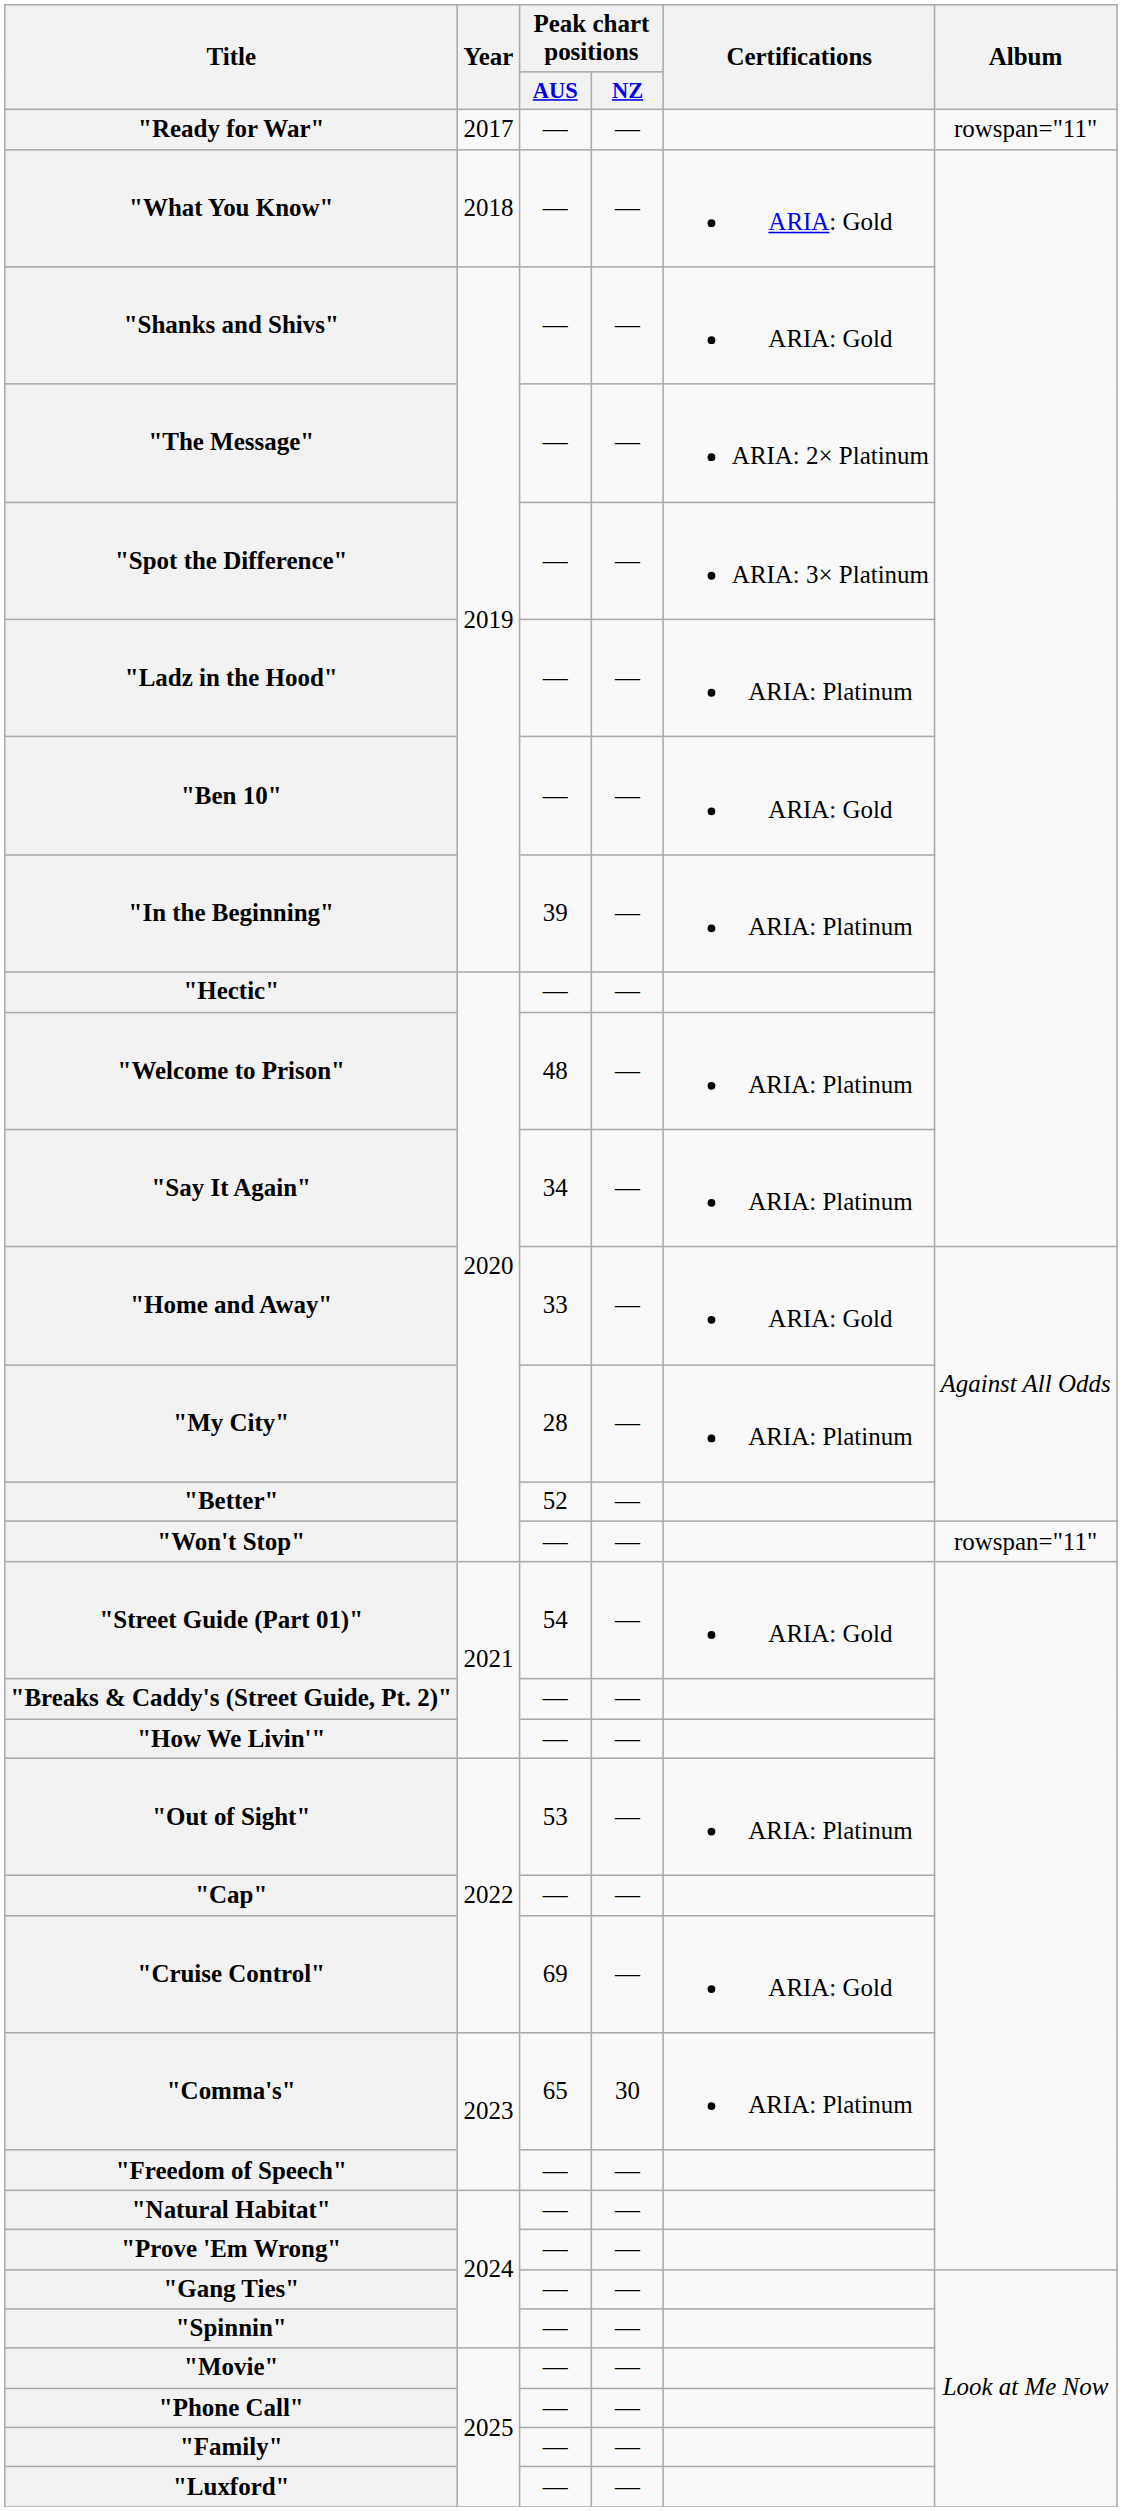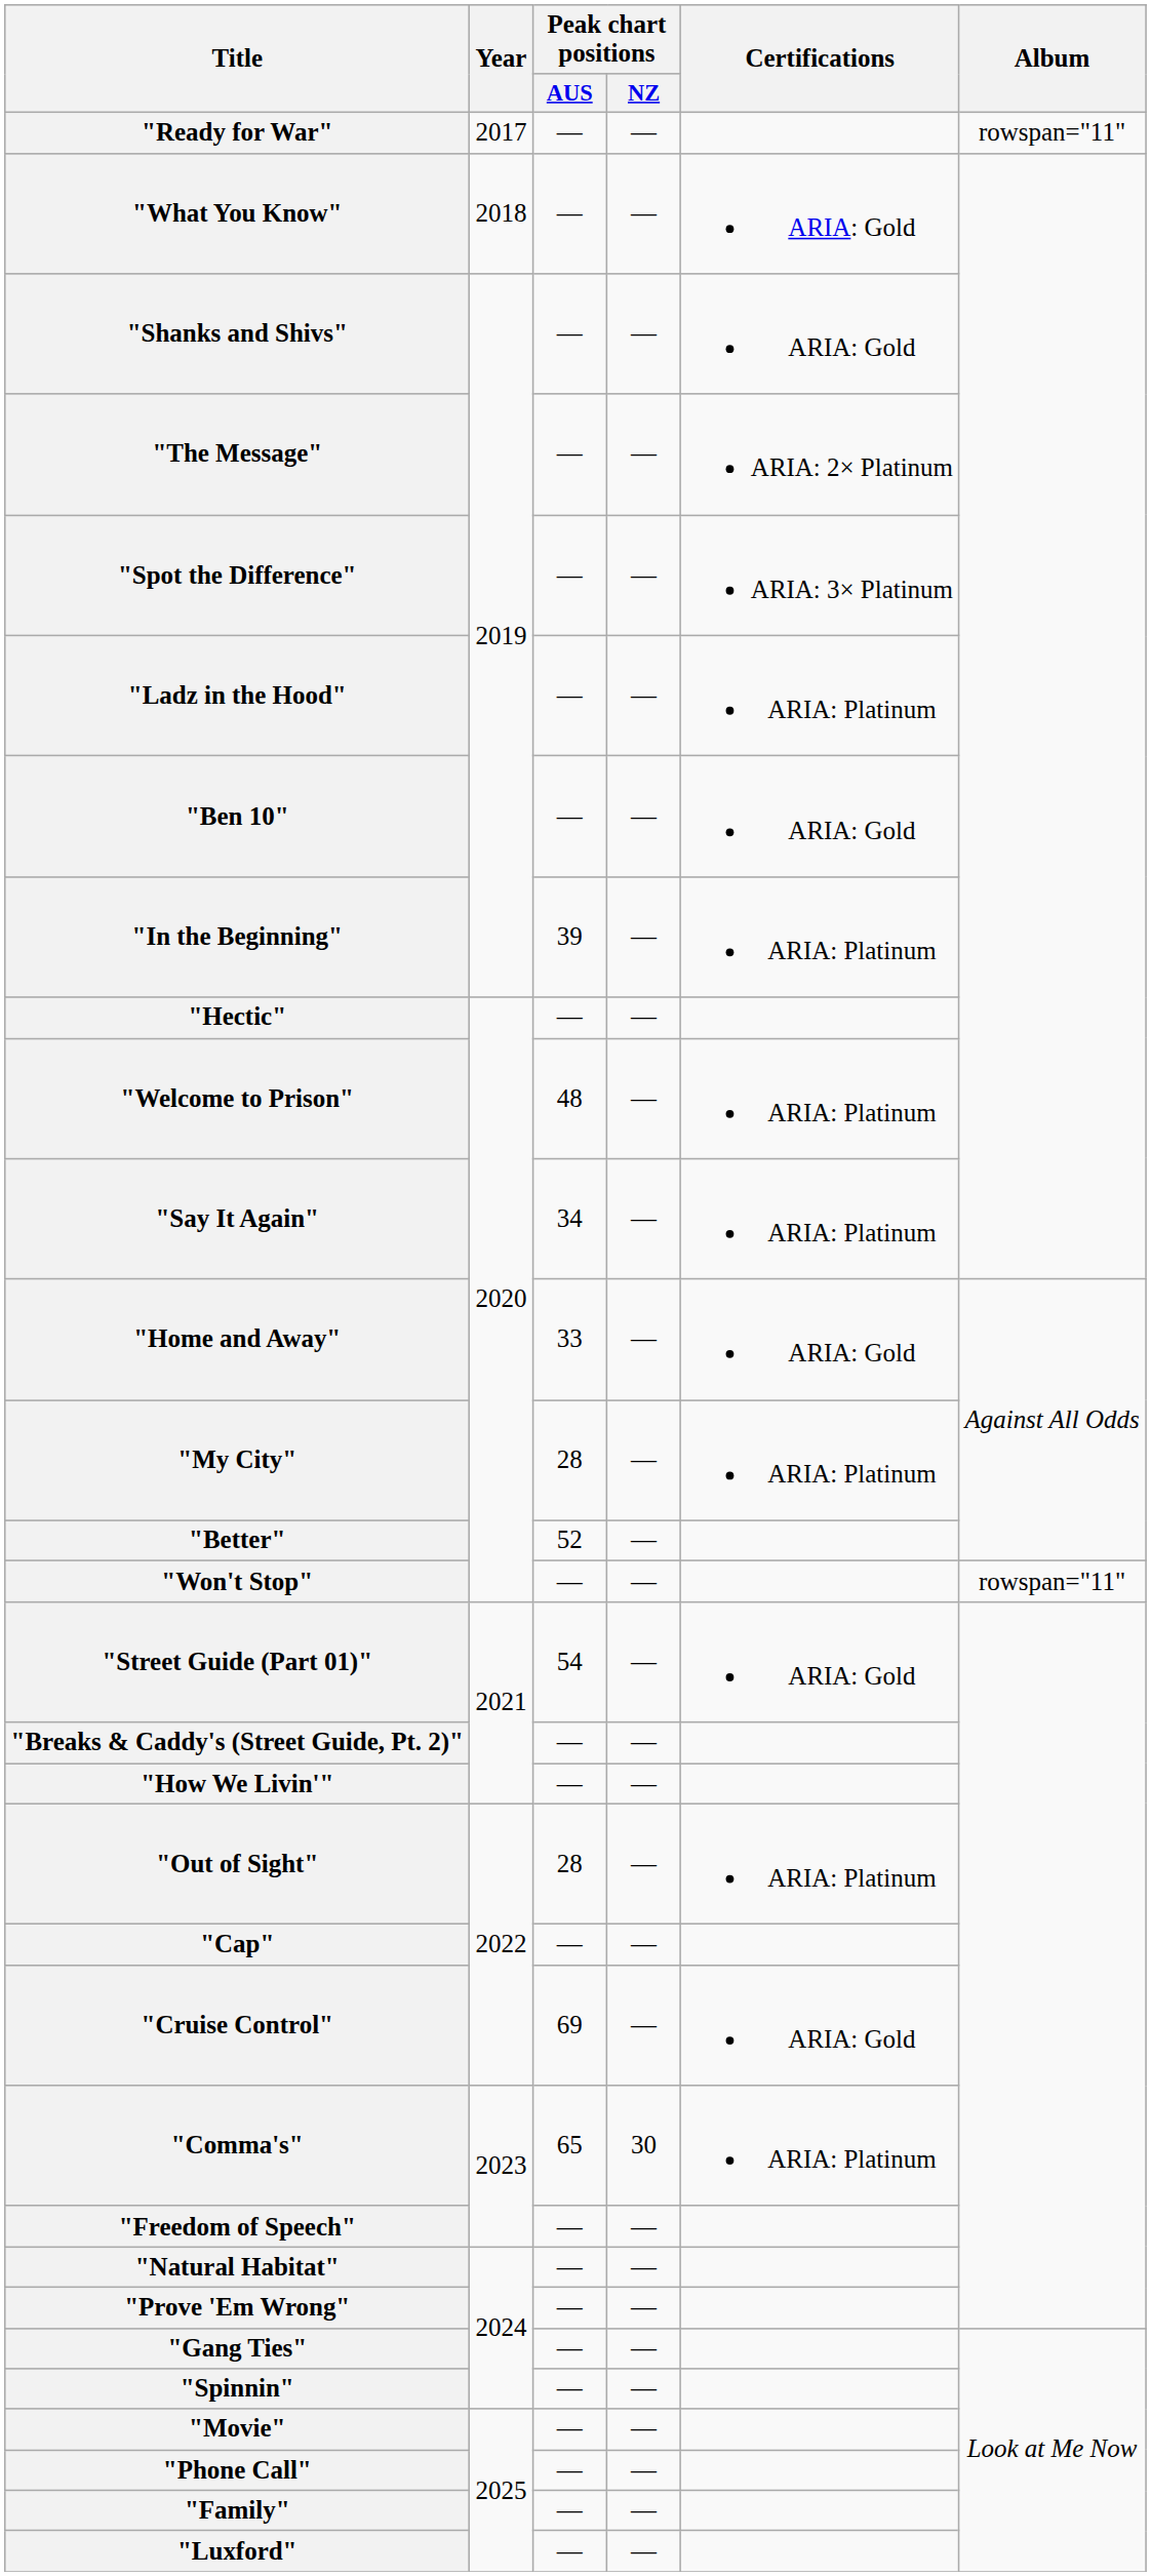 <table class="wikitable plainrowheaders" style="text-align:center;">
 <tr>
 <th scope="col" rowspan="2">Title</th>
 <th scope="col" rowspan="2">Year</th>
 <th scope="col" colspan="2">Peak chart positions</th>
 <th scope="col" rowspan="2">Certifications</th>
 <th scope="col" rowspan="2">Album</th>
 </tr>
 <tr>
 <th scope="col" style="width:2.75em;font-size:90%;"><a href='#'>AUS</a><br></th>
 <th scope="col" style="width:2.75em;font-size:90%;"><a href='#'>NZ</a><br></th>
 </tr>
 <tr>
 <th scope="row">"Ready for War"</th>
 <td>2017</td>
 <td>—</td>
 <td>—</td>
 <td></td>
 <td>rowspan="11" </td>
 </tr>
 <tr>
 <th scope="row">"What You Know"</th>
 <td>2018</td>
 <td>—</td>
 <td>—</td>
 <td><br><ul><li><a href='#'>ARIA</a>:  Gold</li></ul></td>
 </tr>
 <tr>
 <th scope="row">"Shanks and Shivs"</th>
 <td rowspan="6">2019</td>
 <td>—</td>
 <td>—</td>
 <td><br><ul><li>ARIA: Gold</li></ul></td>
 </tr>
 <tr>
 <th scope="row">"The Message"</th>
 <td>—</td>
 <td>—</td>
 <td><br><ul><li>ARIA: 2× Platinum</li></ul></td>
 </tr>
 <tr>
 <th scope="row">"Spot the Difference"</th>
 <td>—</td>
 <td>—</td>
 <td><br><ul><li>ARIA: 3× Platinum</li></ul></td>
 </tr>
 <tr>
 <th scope="row">"Ladz in the Hood"</th>
 <td>—</td>
 <td>—</td>
 <td><br><ul><li>ARIA: Platinum</li></ul></td>
 </tr>
 <tr>
 <th scope="row">"Ben 10"</th>
 <td>—</td>
 <td>—</td>
 <td><br><ul><li>ARIA: Gold</li></ul></td>
 </tr>
 <tr>
 <th scope="row">"In the Beginning"</th>
 <td>39</td>
 <td>—</td>
 <td><br><ul><li>ARIA: Platinum</li></ul></td>
 </tr>
 <tr>
 <th scope="row">"Hectic"<br></th>
 <td rowspan="7">2020</td>
 <td>—</td>
 <td>—</td>
 <td></td>
 </tr>
 <tr>
 <th scope="row">"Welcome to Prison"</th>
 <td>48</td>
 <td>—</td>
 <td><br><ul><li>ARIA: Platinum</li></ul></td>
 </tr>
 <tr>
 <th scope="row">"Say It Again"<br></th>
 <td>34</td>
 <td>—</td>
 <td><br><ul><li>ARIA: Platinum</li></ul></td>
 </tr>
 <tr>
 <th scope="row">"Home and Away"</th>
 <td>33</td>
 <td>—</td>
 <td><br><ul><li>ARIA: Gold</li></ul></td>
 <td rowspan="3"><em>Against All Odds</em></td>
 </tr>
 <tr>
 <th scope="row">"My City"<br></th>
 <td>28</td>
 <td>—</td>
 <td><br><ul><li>ARIA: Platinum</li></ul></td>
 </tr>
 <tr>
 <th scope="row">"Better"<br></th>
 <td>52</td>
 <td>—</td>
 <td></td>
 </tr>
 <tr>
 <th scope="row">"Won't Stop"<br></th>
 <td>—</td>
 <td>—</td>
 <td></td>
 <td>rowspan="11" </td>
 </tr>
 <tr>
 <th scope="row">"Street Guide (Part 01)"</th>
 <td rowspan="3">2021</td>
 <td>54</td>
 <td>—</td>
 <td><br><ul><li>ARIA: Gold</li></ul></td>
 </tr>
 <tr>
 <th scope="row">"Breaks & Caddy's (Street Guide, Pt. 2)"<br></th>
 <td>—</td>
 <td>—</td>
 <td></td>
 </tr>
 <tr>
 <th scope="row">"How We Livin'"<br></th>
 <td>—</td>
 <td>—</td>
 <td></td>
 </tr>
 <tr>
 <th scope="row">"Out of Sight"<br></th>
 <td rowspan="3">2022</td>
-<td>53</td>
+<td>28</td>
 <td>—</td>
 <td><br><ul><li>ARIA: Platinum</li></ul></td>
 </tr>
 <tr>
 <th scope="row">"Cap"</th>
 <td>—</td>
 <td>—</td>
 <td></td>
 </tr>
 <tr>
 <th scope="row">"Cruise Control"</th>
 <td>69</td>
 <td>—</td>
 <td><br><ul><li>ARIA: Gold</li></ul></td>
 </tr>
 <tr>
 <th scope="row">"Comma's"<br></th>
 <td rowspan="2">2023</td>
 <td>65</td>
 <td>30</td>
 <td><br><ul><li>ARIA: Platinum</li></ul></td>
 </tr>
 <tr>
 <th scope="row">"Freedom of Speech"</th>
 <td>—</td>
 <td>—</td>
 <td></td>
 </tr>
 <tr>
 <th scope="row">"Natural Habitat"</th>
 <td rowspan="4">2024</td>
 <td>—</td>
 <td>—</td>
 <td></td>
 </tr>
 <tr>
 <th scope="row">"Prove 'Em Wrong"</th>
 <td>—</td>
 <td>—</td>
 <td></td>
 </tr>
 <tr>
 <th scope="row">"Gang Ties"<br></th>
 <td>—</td>
 <td>—</td>
 <td></td>
 <td rowspan="6"><em>Look at Me Now</em></td>
 </tr>
 <tr>
 <th scope="row">"Spinnin"<br></th>
 <td>—</td>
 <td>—</td>
 <td></td>
 </tr>
 <tr>
 <th scope="row">"Movie"<br></th>
 <td rowspan="4">2025</td>
 <td>—</td>
 <td>—</td>
 <td></td>
 </tr>
 <tr>
 <th scope="row">"Phone Call"<br></th>
 <td>—</td>
 <td>—</td>
 <td></td>
 </tr>
 <tr>
 <th scope="row">"Family"</th>
 <td>—</td>
 <td>—</td>
 <td></td>
 </tr>
 <tr>
 <th scope="row">"Luxford"</th>
 <td>—</td>
 <td>—</td>
 <td></td>
 </tr>
 </table>
